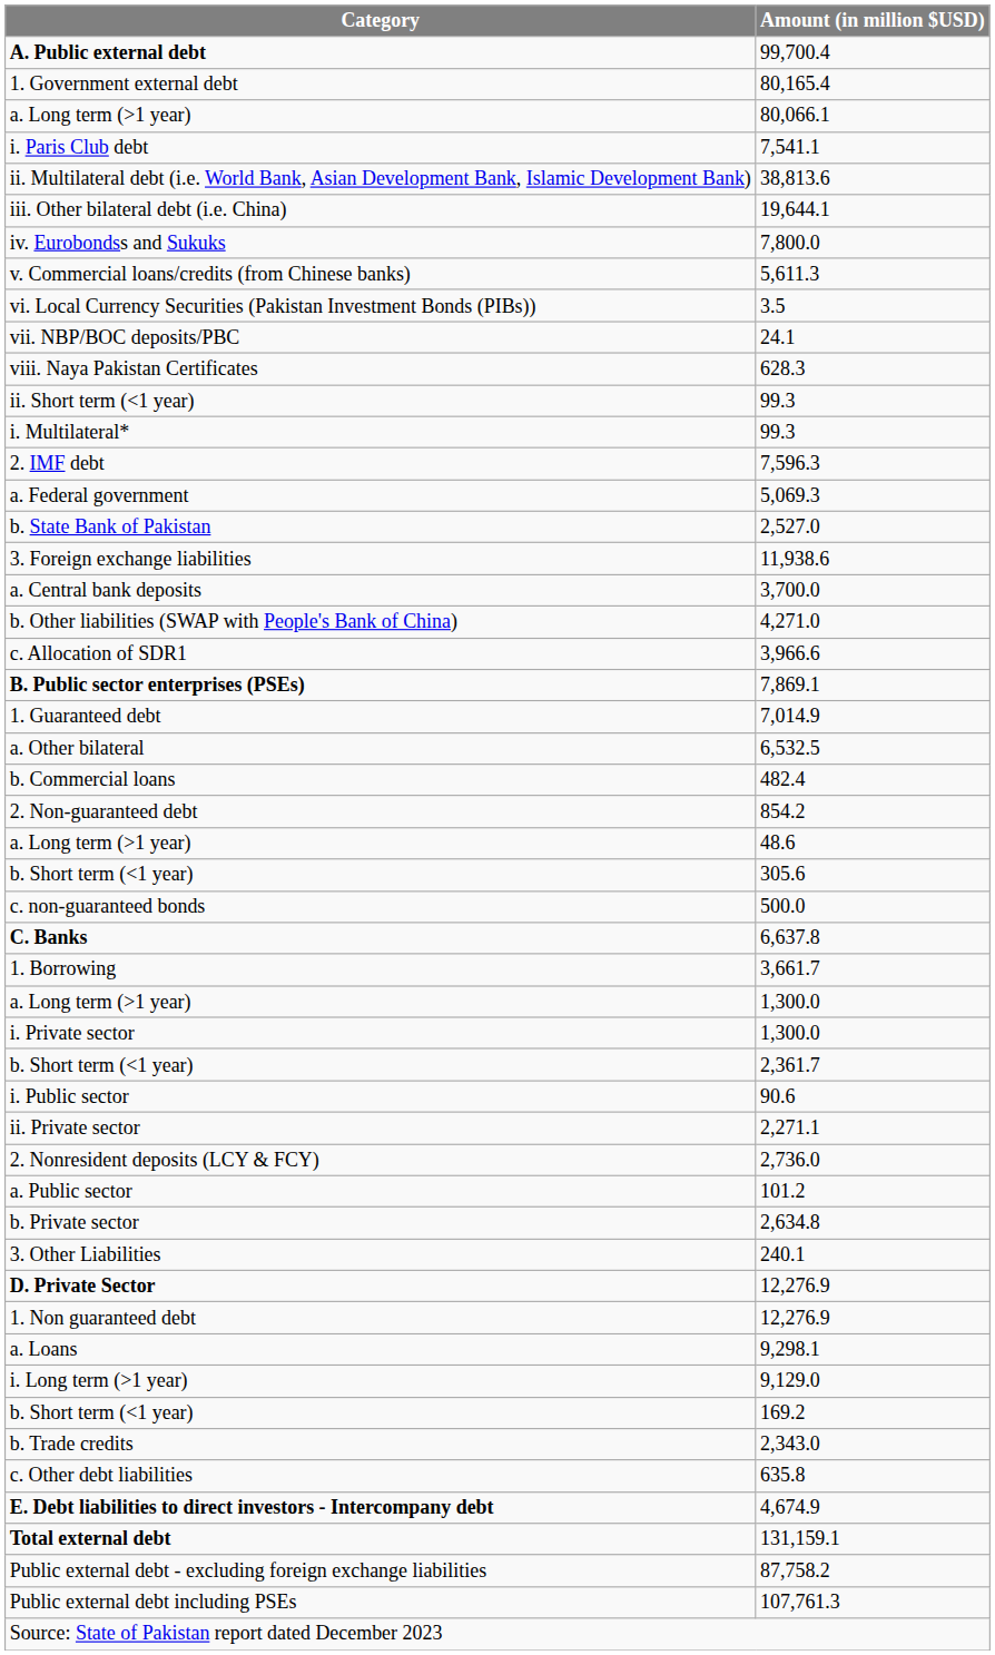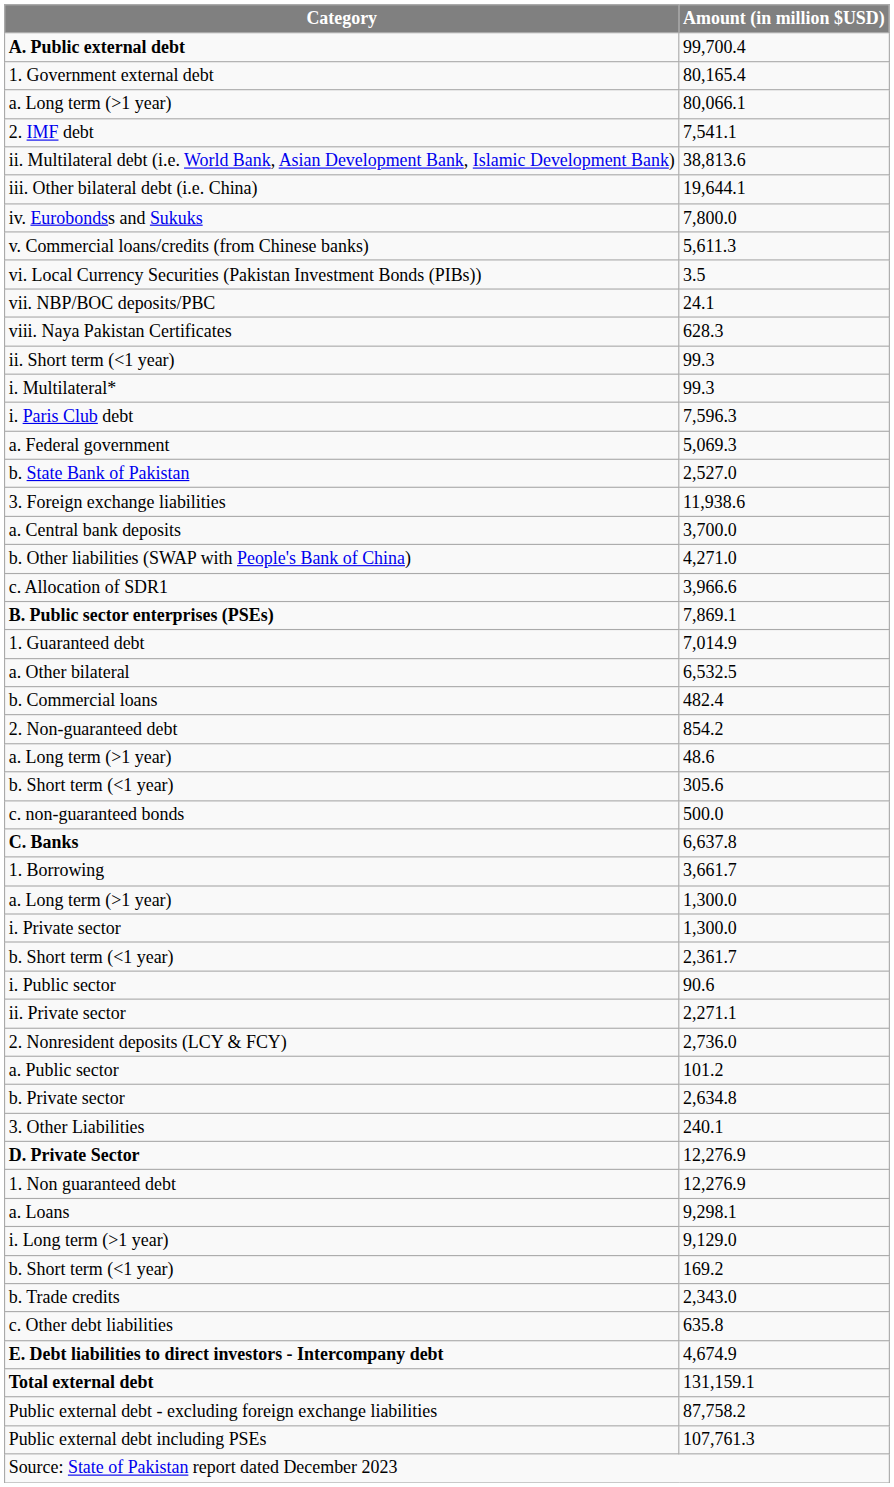 <table class="wikitable">
 <tr>
 <th style="background-color: gray; color: white;">Category</th>
 <th style="background-color: gray; color: white;">Amount (in million $USD)</th>
 </tr>
 <tr>
 <td><strong>A. Public external debt</strong></td>
 <td>99,700.4</td>
 </tr>
 <tr>
 <td>1. Government external debt</td>
 <td>80,165.4</td>
 </tr>
 <tr>
 <td>a. Long term (>1 year)</td>
 <td>80,066.1</td>
 </tr>
 <tr>
-<td>i. <a href='#'>Paris Club</a> debt</td>
+<td>2. <a href='#'>IMF</a> debt</td>
 <td>7,541.1</td>
 </tr>
 <tr>
 <td>ii. Multilateral debt (i.e. <a href='#'>World Bank</a>, <a href='#'>Asian Development Bank</a>, <a href='#'>Islamic Development Bank</a>)</td>
 <td>38,813.6</td>
 </tr>
 <tr>
 <td>iii. Other bilateral debt (i.e. China)</td>
 <td>19,644.1</td>
 </tr>
 <tr>
 <td>iv. <a href='#'>Eurobonds</a>s and <a href='#'>Sukuks</a></td>
 <td>7,800.0</td>
 </tr>
 <tr>
 <td>v. Commercial loans/credits (from Chinese banks)</td>
 <td>5,611.3</td>
 </tr>
 <tr>
 <td>vi. Local Currency Securities (Pakistan Investment Bonds (PIBs))</td>
 <td>3.5</td>
 </tr>
 <tr>
 <td>vii. NBP/BOC deposits/PBC</td>
 <td>24.1</td>
 </tr>
 <tr>
 <td>viii. Naya Pakistan Certificates</td>
 <td>628.3</td>
 </tr>
 <tr>
 <td>ii. Short term (<1 year)</td>
 <td>99.3</td>
 </tr>
 <tr>
 <td>i. Multilateral*</td>
 <td>99.3</td>
 </tr>
 <tr>
-<td>2. <a href='#'>IMF</a> debt</td>
+<td>i. <a href='#'>Paris Club</a> debt</td>
 <td>7,596.3</td>
 </tr>
 <tr>
 <td>a. Federal government</td>
 <td>5,069.3</td>
 </tr>
 <tr>
 <td>b. <a href='#'>State Bank of Pakistan</a></td>
 <td>2,527.0</td>
 </tr>
 <tr>
 <td>3. Foreign exchange liabilities</td>
 <td>11,938.6</td>
 </tr>
 <tr>
 <td>a. Central bank deposits</td>
 <td>3,700.0</td>
 </tr>
 <tr>
 <td>b. Other liabilities (SWAP with <a href='#'>People's Bank of China</a>)</td>
 <td>4,271.0</td>
 </tr>
 <tr>
 <td>c. Allocation of SDR1</td>
 <td>3,966.6</td>
 </tr>
 <tr>
 <td><strong>B. Public sector enterprises (PSEs)</strong></td>
 <td>7,869.1</td>
 </tr>
 <tr>
 <td>1. Guaranteed debt</td>
 <td>7,014.9</td>
 </tr>
 <tr>
 <td>a. Other bilateral</td>
 <td>6,532.5</td>
 </tr>
 <tr>
 <td>b. Commercial loans</td>
 <td>482.4</td>
 </tr>
 <tr>
 <td>2. Non-guaranteed debt</td>
 <td>854.2</td>
 </tr>
 <tr>
 <td>a. Long term (>1 year)</td>
 <td>48.6</td>
 </tr>
 <tr>
 <td>b. Short term (<1 year)</td>
 <td>305.6</td>
 </tr>
 <tr>
 <td>c. non-guaranteed bonds</td>
 <td>500.0</td>
 </tr>
 <tr>
 <td><strong>C. Banks</strong></td>
 <td>6,637.8</td>
 </tr>
 <tr>
 <td>1. Borrowing</td>
 <td>3,661.7</td>
 </tr>
 <tr>
 <td>a. Long term (>1 year)</td>
 <td>1,300.0</td>
 </tr>
 <tr>
 <td>i. Private sector</td>
 <td>1,300.0</td>
 </tr>
 <tr>
 <td>b. Short term (<1 year)</td>
 <td>2,361.7</td>
 </tr>
 <tr>
 <td>i. Public sector</td>
 <td>90.6</td>
 </tr>
 <tr>
 <td>ii. Private sector</td>
 <td>2,271.1</td>
 </tr>
 <tr>
 <td>2. Nonresident deposits (LCY & FCY)</td>
 <td>2,736.0</td>
 </tr>
 <tr>
 <td>a. Public sector</td>
 <td>101.2</td>
 </tr>
 <tr>
 <td>b. Private sector</td>
 <td>2,634.8</td>
 </tr>
 <tr>
 <td>3. Other Liabilities</td>
 <td>240.1</td>
 </tr>
 <tr>
 <td><strong>D. Private Sector</strong></td>
 <td>12,276.9</td>
 </tr>
 <tr>
 <td>1. Non guaranteed debt</td>
 <td>12,276.9</td>
 </tr>
 <tr>
 <td>a. Loans</td>
 <td>9,298.1</td>
 </tr>
 <tr>
 <td>i. Long term (>1 year)</td>
 <td>9,129.0</td>
 </tr>
 <tr>
 <td>b. Short term (<1 year)</td>
 <td>169.2</td>
 </tr>
 <tr>
 <td>b. Trade credits</td>
 <td>2,343.0</td>
 </tr>
 <tr>
 <td>c. Other debt liabilities</td>
 <td>635.8</td>
 </tr>
 <tr>
 <td><strong>E. Debt liabilities to direct investors - Intercompany debt</strong></td>
 <td>4,674.9</td>
 </tr>
 <tr>
 <td><strong>Total external debt</strong></td>
 <td>131,159.1</td>
 </tr>
 <tr>
 <td>Public external debt - excluding foreign exchange liabilities</td>
 <td>87,758.2</td>
 </tr>
 <tr>
 <td>Public external debt including PSEs</td>
 <td>107,761.3</td>
 </tr>
 <tr>
 <td colspan="2">Source: <a href='#'>State of Pakistan</a> report dated December 2023</td>
 </tr>
 </table>
